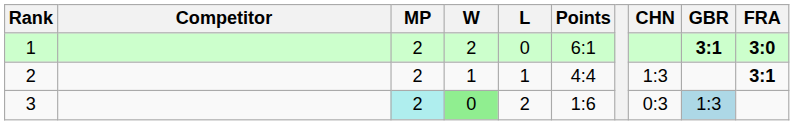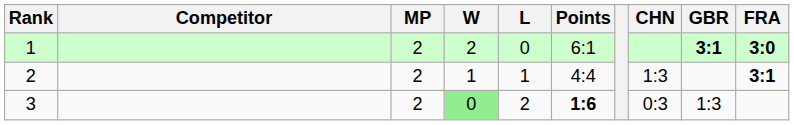 <table class="wikitable" style="text-align:center">
 <tr>
 <th>Rank</th>
 <th style="width:18em">Competitor</th>
 <th style="width:2.5em">MP</th>
 <th style="width:2.5em">W</th>
 <th style="width:2.5em">L</th>
 <th>Points</th>
 <th rowspan="4"> </th>
 <th style="width:2.5em">CHN</th>
 <th style="width:2.5em">GBR</th>
 <th style="width:2.5em">FRA</th>
 </tr>
 <tr style="background:#cfc;">
 <td>1</td>
 <td style="text-align:left"></td>
 <td>2</td>
 <td>2</td>
 <td>0</td>
 <td>6:1</td>
 <td></td>
 <td><strong>3:1</strong></td>
 <td><strong>3:0</strong></td>
 </tr>
 <tr>
 <td>2</td>
 <td style="text-align:left"></td>
 <td>2</td>
 <td>1</td>
 <td>1</td>
 <td>4:4</td>
 <td>1:3</td>
 <td></td>
 <td><strong>3:1</strong></td>
 </tr>
 <tr>
 <td>3</td>
 <td style="text-align:left"></td>
-<td style="background: paleturquoise;">2</td>
+<td>2</td>
 <td style="background: lightgreen;">0</td>
 <td>2</td>
-<td>1:6</td>
+<td><strong>1:6</strong></td>
 <td>0:3</td>
-<td style="background: lightblue;">1:3</td>
+<td>1:3</td>
 <td></td>
 </tr>
 </table>
